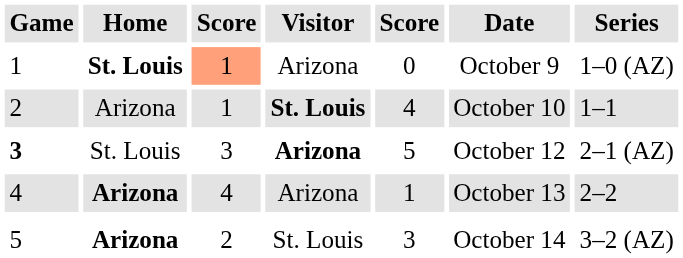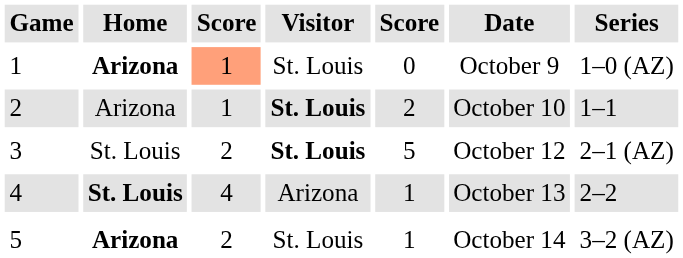 <table border="0" cellspacing="3" cellpadding="3">
 <tr style="background: #e3e3e3;">
 <th>Game</th>
 <th>Home</th>
 <th>Score</th>
 <th>Visitor</th>
 <th>Score</th>
 <th>Date</th>
 <th>Series</th>
 </tr>
 <tr>
 <td>1</td>
-<td align="center"><strong>St. Louis</strong></td>
+<td align="center"><strong>Arizona</strong></td>
 <td align="center" style="background: lightsalmon;">1</td>
-<td align="center">Arizona</td>
+<td align="center">St. Louis</td>
 <td align="center">0</td>
 <td align="center">October 9</td>
 <td>1–0 (AZ)</td>
 </tr>
 <tr style="background: #e3e3e3;">
 <td>2</td>
 <td align="center">Arizona</td>
 <td align="center">1</td>
 <td align="center"><strong>St. Louis</strong></td>
-<td align="center">4</td>
+<td align="center">2</td>
 <td align="center">October 10</td>
 <td>1–1</td>
 </tr>
 <tr>
-<td><strong>3</strong></td>
+<td>3</td>
 <td align="center">St. Louis</td>
-<td align="center">3</td>
-<td align="center"><strong>Arizona</strong></td>
+<td align="center">2</td>
+<td align="center"><strong>St. Louis</strong></td>
 <td align="center">5</td>
 <td align="center">October 12</td>
 <td>2–1 (AZ)</td>
 </tr>
 <tr style="background: #e3e3e3;">
 <td>4</td>
-<td align="center"><strong>Arizona</strong></td>
+<td align="center"><strong>St. Louis</strong></td>
 <td align="center">4</td>
 <td align="center">Arizona</td>
 <td align="center">1</td>
 <td align="center">October 13</td>
 <td>2–2</td>
 </tr>
 <tr>
 </tr>
 <tr>
 <td>5</td>
 <td align="center"><strong>Arizona</strong></td>
 <td align="center">2</td>
 <td align="center">St. Louis</td>
-<td align="center">3</td>
+<td align="center">1</td>
 <td align="center">October 14</td>
 <td>3–2 (AZ)</td>
 </tr>
 <tr>
 </tr>
 </table>
